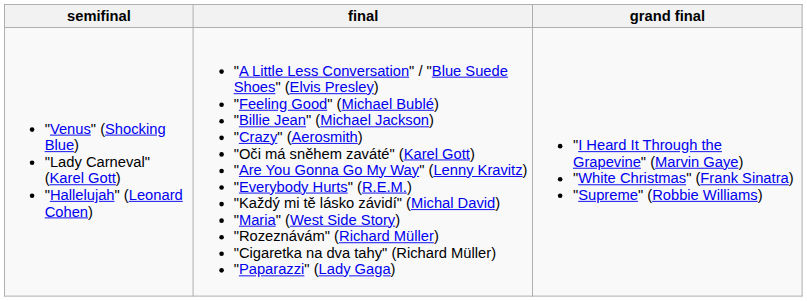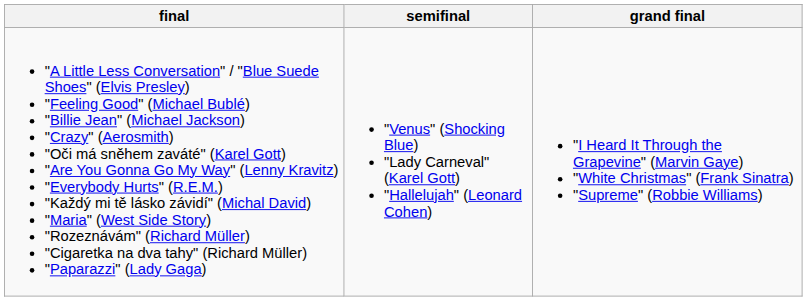 <table class="wikitable">
 <tr>
+<th>final</th>
 <th>semifinal</th>
-<th>final</th>
 <th>grand final</th>
 </tr>
 <tr>
+<td><br><ul><li>"<a href='#'>A Little Less Conversation</a>" / "<a href='#'>Blue Suede Shoes</a>" (<a href='#'>Elvis Presley</a>)</li><li>"<a href='#'>Feeling Good</a>" (<a href='#'>Michael Bublé</a>)</li><li>"<a href='#'>Billie Jean</a>" (<a href='#'>Michael Jackson</a>)</li><li>"<a href='#'>Crazy</a>" (<a href='#'>Aerosmith</a>)</li><li>"Oči má sněhem zaváté" (<a href='#'>Karel Gott</a>)</li><li>"<a href='#'>Are You Gonna Go My Way</a>" (<a href='#'>Lenny Kravitz</a>)</li><li>"<a href='#'>Everybody Hurts</a>" (<a href='#'>R.E.M.</a>)</li><li>"Každý mi tě lásko závidí" (<a href='#'>Michal David</a>)</li><li>"<a href='#'>Maria</a>" (<a href='#'>West Side Story</a>)</li><li>"Rozeznávám" (<a href='#'>Richard Müller</a>)</li><li>"Cigaretka na dva tahy" (Richard Müller)</li><li>"<a href='#'>Paparazzi</a>" (<a href='#'>Lady Gaga</a>)</li></ul></td>
 <td><br><ul><li>"<a href='#'>Venus</a>" (<a href='#'>Shocking Blue</a>)</li><li>"Lady Carneval" (<a href='#'>Karel Gott</a>)</li><li>"<a href='#'>Hallelujah</a>" (<a href='#'>Leonard Cohen</a>)</li></ul></td>
-<td><br><ul><li>"<a href='#'>A Little Less Conversation</a>" / "<a href='#'>Blue Suede Shoes</a>" (<a href='#'>Elvis Presley</a>)</li><li>"<a href='#'>Feeling Good</a>" (<a href='#'>Michael Bublé</a>)</li><li>"<a href='#'>Billie Jean</a>" (<a href='#'>Michael Jackson</a>)</li><li>"<a href='#'>Crazy</a>" (<a href='#'>Aerosmith</a>)</li><li>"Oči má sněhem zaváté" (<a href='#'>Karel Gott</a>)</li><li>"<a href='#'>Are You Gonna Go My Way</a>" (<a href='#'>Lenny Kravitz</a>)</li><li>"<a href='#'>Everybody Hurts</a>" (<a href='#'>R.E.M.</a>)</li><li>"Každý mi tě lásko závidí" (<a href='#'>Michal David</a>)</li><li>"<a href='#'>Maria</a>" (<a href='#'>West Side Story</a>)</li><li>"Rozeznávám" (<a href='#'>Richard Müller</a>)</li><li>"Cigaretka na dva tahy" (Richard Müller)</li><li>"<a href='#'>Paparazzi</a>" (<a href='#'>Lady Gaga</a>)</li></ul></td>
 <td><br><ul><li>"<a href='#'>I Heard It Through the Grapevine</a>" (<a href='#'>Marvin Gaye</a>)</li><li>"<a href='#'>White Christmas</a>" (<a href='#'>Frank Sinatra</a>)</li><li>"<a href='#'>Supreme</a>" (<a href='#'>Robbie Williams</a>)</li></ul></td>
 </tr>
 </table>
